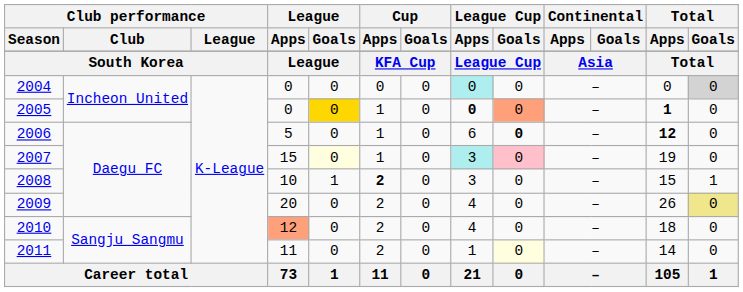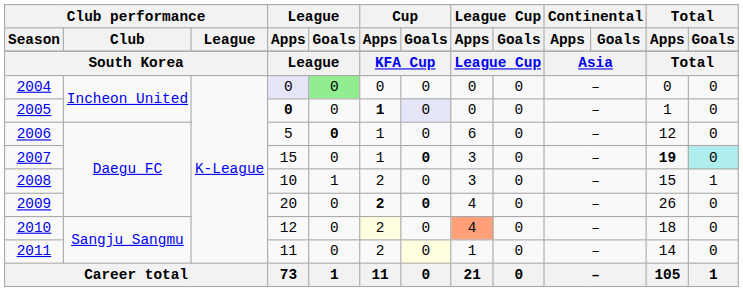 <table class="wikitable" style="text-align:center">
 <tr>
 <th colspan=3>Club performance</th>
 <th colspan=2>League</th>
 <th colspan=2>Cup</th>
 <th colspan=2>League Cup</th>
 <th colspan=2>Continental</th>
 <th colspan=2>Total</th>
 </tr>
 <tr>
 <th>Season</th>
 <th>Club</th>
 <th>League</th>
 <th>Apps</th>
 <th>Goals</th>
 <th>Apps</th>
 <th>Goals</th>
 <th>Apps</th>
 <th>Goals</th>
 <th>Apps</th>
 <th>Goals</th>
 <th>Apps</th>
 <th>Goals</th>
 </tr>
 <tr>
 </tr>
 <tr>
 <th colspan=3>South Korea</th>
 <th colspan=2>League</th>
 <th colspan=2><a href='#'>KFA Cup</a></th>
 <th colspan=2><a href='#'>League Cup</a></th>
 <th colspan=2><a href='#'>Asia</a></th>
 <th colspan=2>Total</th>
 </tr>
 <tr>
 <td><a href='#'>2004</a></td>
 <td rowspan="2"><a href='#'>Incheon United</a></td>
 <td rowspan="8"><a href='#'>K-League</a></td>
+<td style="background: lavender;">0</td>
+<td style="background: lightgreen;">0</td>
 <td>0</td>
 <td>0</td>
 <td>0</td>
 <td>0</td>
-<td style="background: paleturquoise;">0</td>
-<td>0</td>
 <td colspan="2">–</td>
 <td>0</td>
-<td style="background: lightgrey;">0</td>
+<td>0</td>
 </tr>
 <tr>
 <td><a href='#'>2005</a></td>
+<td><strong>0</strong></td>
 <td>0</td>
-<td style="background: gold;">0</td>
+<td><strong>1</strong></td>
+<td style="background: lavender;">0</td>
+<td>0</td>
+<td>0</td>
+<td colspan="2">–</td>
 <td>1</td>
-<td>0</td>
-<td><strong>0</strong></td>
-<td style="background: lightsalmon;">0</td>
-<td colspan="2">–</td>
-<td><strong>1</strong></td>
 <td>0</td>
 </tr>
 <tr>
 <td><a href='#'>2006</a></td>
 <td rowspan="4"><a href='#'>Daegu FC</a></td>
 <td>5</td>
-<td>0</td>
+<td><strong>0</strong></td>
 <td>1</td>
 <td>0</td>
 <td>6</td>
-<td><strong>0</strong></td>
+<td>0</td>
 <td colspan="2">–</td>
-<td><strong>12</strong></td>
+<td>12</td>
 <td>0</td>
 </tr>
 <tr>
 <td><a href='#'>2007</a></td>
 <td>15</td>
-<td style="background: lightyellow;">0</td>
+<td>0</td>
 <td>1</td>
+<td><strong>0</strong></td>
+<td>3</td>
 <td>0</td>
-<td style="background: paleturquoise;">3</td>
-<td style="background: pink;">0</td>
 <td colspan="2">–</td>
-<td>19</td>
-<td>0</td>
+<td><strong>19</strong></td>
+<td style="background: paleturquoise;">0</td>
 </tr>
 <tr>
 <td><a href='#'>2008</a></td>
 <td>10</td>
 <td>1</td>
-<td><strong>2</strong></td>
+<td>2</td>
 <td>0</td>
 <td>3</td>
 <td>0</td>
 <td colspan="2">–</td>
 <td>15</td>
 <td>1</td>
 </tr>
 <tr>
 <td><a href='#'>2009</a></td>
 <td>20</td>
 <td>0</td>
-<td>2</td>
-<td>0</td>
+<td><strong>2</strong></td>
+<td><strong>0</strong></td>
 <td>4</td>
 <td>0</td>
 <td colspan="2">–</td>
 <td>26</td>
-<td style="background: khaki;">0</td>
+<td>0</td>
 </tr>
 <tr>
 <td><a href='#'>2010</a></td>
 <td rowspan="2"><a href='#'>Sangju Sangmu</a></td>
-<td style="background: lightsalmon;">12</td>
+<td>12</td>
 <td>0</td>
-<td>2</td>
+<td style="background: lightyellow;">2</td>
 <td>0</td>
-<td>4</td>
+<td style="background: lightsalmon;">4</td>
 <td>0</td>
 <td colspan="2">–</td>
 <td>18</td>
 <td>0</td>
 </tr>
 <tr>
 <td><a href='#'>2011</a></td>
 <td>11</td>
 <td>0</td>
 <td>2</td>
+<td style="background: lightyellow;">0</td>
+<td>1</td>
 <td>0</td>
-<td>1</td>
-<td style="background: lightyellow;">0</td>
 <td colspan="2">–</td>
 <td>14</td>
 <td>0</td>
 </tr>
 <tr>
 <th colspan=3>Career total</th>
 <th>73</th>
 <th>1</th>
 <th>11</th>
 <th>0</th>
 <th>21</th>
 <th>0</th>
 <th colspan="2">–</th>
 <th>105</th>
 <th>1</th>
 </tr>
 </table>
